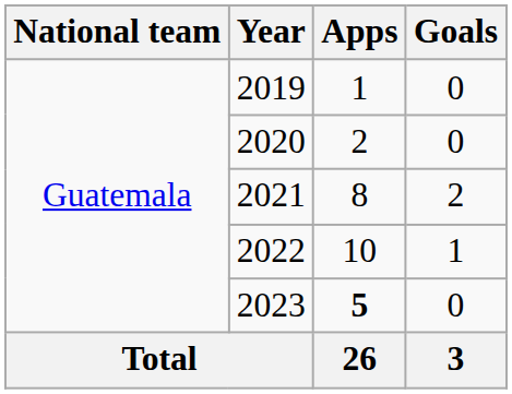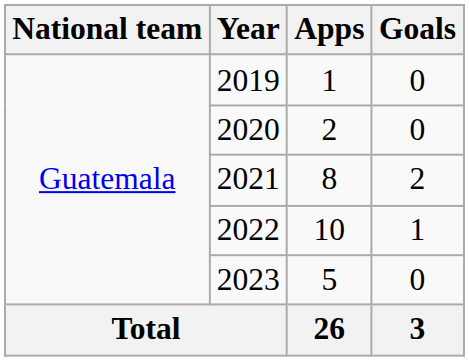 <table class="wikitable" style="text-align:center">
 <tr>
 <th>National team</th>
 <th>Year</th>
 <th>Apps</th>
 <th>Goals</th>
 </tr>
 <tr>
 <td rowspan="5"><a href='#'>Guatemala</a></td>
 <td>2019</td>
 <td>1</td>
 <td>0</td>
 </tr>
 <tr>
 <td>2020</td>
 <td>2</td>
 <td>0</td>
 </tr>
 <tr>
 <td>2021</td>
 <td>8</td>
 <td>2</td>
 </tr>
 <tr>
 <td>2022</td>
 <td>10</td>
 <td>1</td>
 </tr>
 <tr>
 <td>2023</td>
-<td><strong>5</strong></td>
+<td>5</td>
 <td>0</td>
 </tr>
 <tr>
 <th colspan="2">Total</th>
 <th>26</th>
 <th>3</th>
 </tr>
 </table>
